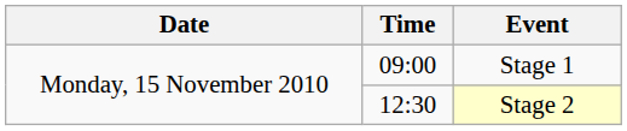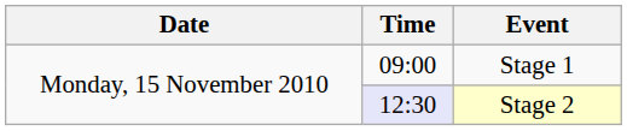 <table class = "wikitable" style="text-align:center;">
 <tr>
 <th width=220>Date</th>
 <th width=50>Time</th>
 <th width=100>Event</th>
 </tr>
 <tr>
 <td rowspan=2>Monday, 15 November 2010</td>
 <td>09:00</td>
 <td>Stage 1</td>
 </tr>
 <tr>
-<td>12:30</td>
+<td style="background: lavender;">12:30</td>
 <td bgcolor=ffffcc>Stage 2</td>
 </tr>
 </table>
